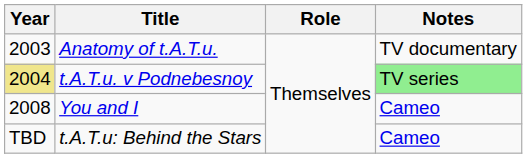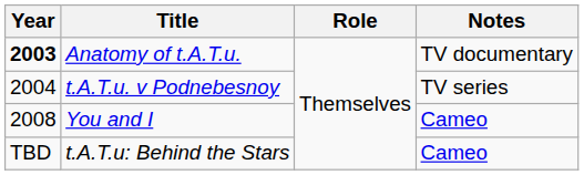 <table class="wikitable plainrowheaders sortable">
 <tr>
 <th scope="col">Year</th>
 <th scope="col">Title</th>
 <th scope="col">Role</th>
 <th scope="col" class="unsortable">Notes</th>
 </tr>
 <tr>
-<td>2003</td>
+<td><strong>2003</strong></td>
 <td><em><a href='#'>Anatomy of t.A.T.u.</a></em></td>
 <td rowspan="4">Themselves</td>
 <td>TV documentary</td>
 </tr>
 <tr>
-<td style="background: khaki;">2004</td>
+<td>2004</td>
 <td><em><a href='#'>t.A.T.u. v Podnebesnoy</a></em></td>
-<td style="background: lightgreen;">TV series</td>
+<td>TV series</td>
 </tr>
 <tr>
 <td>2008</td>
 <td><em><a href='#'>You and I</a></em></td>
 <td><a href='#'>Cameo</a></td>
 </tr>
 <tr>
 <td>TBD</td>
 <td><em>t.A.T.u: Behind the Stars</em></td>
 <td><a href='#'>Cameo</a></td>
 </tr>
 </table>
